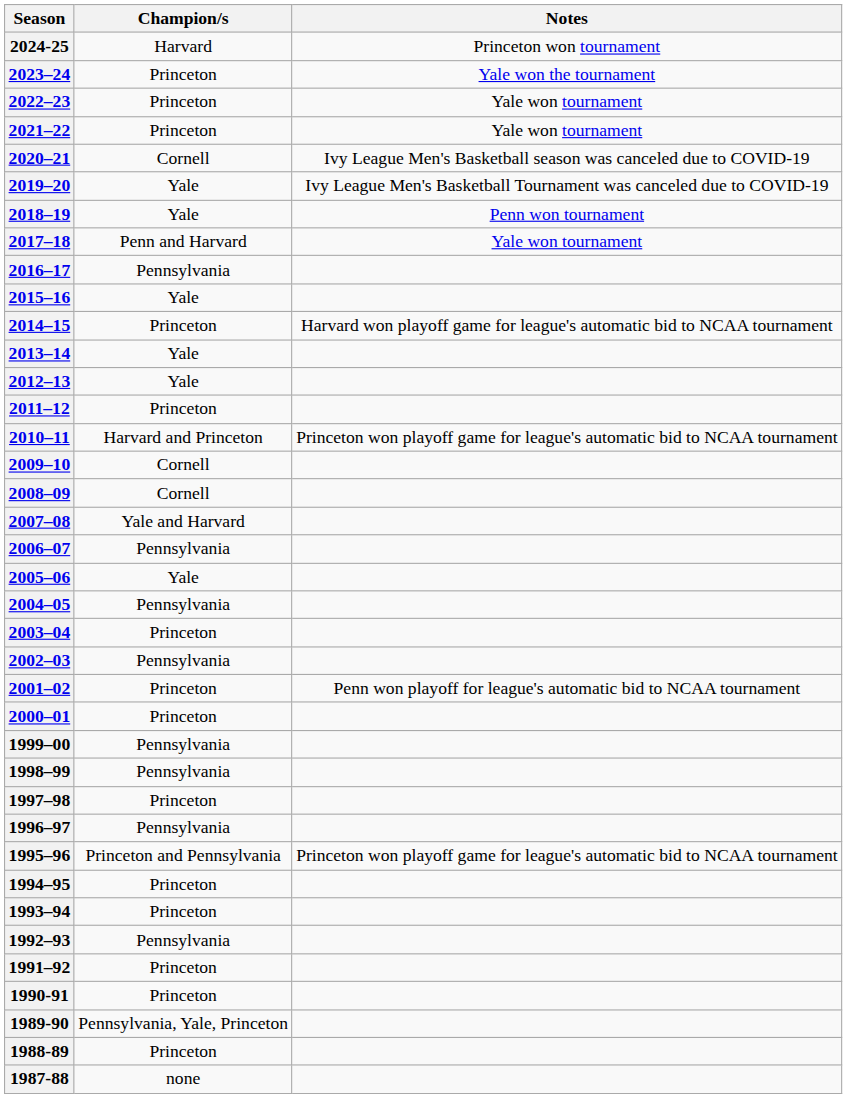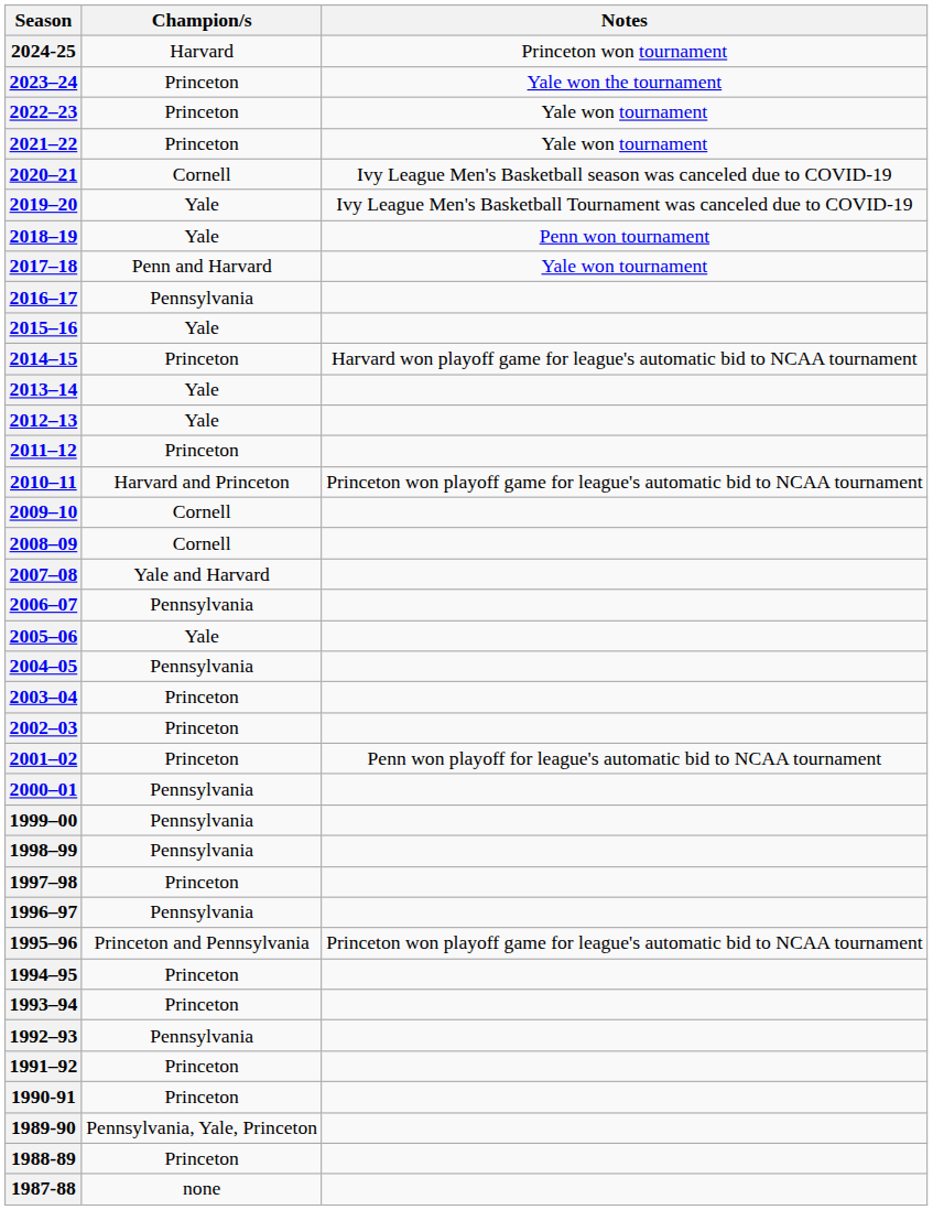 <table class="wikitable" style="text-align: center;">
 <tr>
 <th width=px>Season</th>
 <th width=px>Champion/s</th>
 <th width=px>Notes</th>
 </tr>
 <tr>
 <th>2024-25</th>
 <td>Harvard</td>
 <td>Princeton won <a href='#'>tournament</a></td>
 </tr>
 <tr>
 <th><a href='#'>2023–24</a></th>
 <td>Princeton</td>
 <td><a href='#'>Yale won the tournament</a></td>
 </tr>
 <tr>
 <th><a href='#'>2022–23</a></th>
 <td>Princeton</td>
 <td>Yale won <a href='#'>tournament</a></td>
 </tr>
 <tr>
 <th><a href='#'>2021–22</a></th>
 <td>Princeton</td>
 <td>Yale won <a href='#'>tournament</a></td>
 </tr>
 <tr>
 <th><a href='#'>2020–21</a></th>
 <td>Cornell</td>
 <td>Ivy League Men's Basketball season was canceled due to COVID-19</td>
 </tr>
 <tr>
 <th><a href='#'>2019–20</a></th>
 <td>Yale</td>
 <td>Ivy League Men's Basketball Tournament was canceled due to COVID-19</td>
 </tr>
 <tr>
 <th><a href='#'>2018–19</a></th>
 <td>Yale</td>
 <td><a href='#'>Penn won tournament</a></td>
 </tr>
 <tr>
 <th><a href='#'>2017–18</a></th>
 <td>Penn and Harvard</td>
 <td><a href='#'>Yale won tournament</a></td>
 </tr>
 <tr>
 <th><a href='#'>2016–17</a></th>
 <td>Pennsylvania</td>
 <td></td>
 </tr>
 <tr>
 <th><a href='#'>2015–16</a></th>
 <td>Yale</td>
 <td></td>
 </tr>
 <tr>
 <th><a href='#'>2014–15</a></th>
 <td>Princeton</td>
 <td>Harvard won playoff game for league's automatic bid to NCAA tournament</td>
 </tr>
 <tr>
 <th><a href='#'>2013–14</a></th>
 <td>Yale</td>
 <td></td>
 </tr>
 <tr>
 <th><a href='#'>2012–13</a></th>
 <td>Yale</td>
 <td></td>
 </tr>
 <tr>
 <th><a href='#'>2011–12</a></th>
 <td>Princeton</td>
 <td></td>
 </tr>
 <tr>
 <th><a href='#'>2010–11</a></th>
 <td>Harvard and Princeton</td>
 <td>Princeton won playoff game for league's automatic bid to NCAA tournament</td>
 </tr>
 <tr>
 <th><a href='#'>2009–10</a></th>
 <td>Cornell</td>
 <td></td>
 </tr>
 <tr>
 <th><a href='#'>2008–09</a></th>
 <td>Cornell</td>
 <td></td>
 </tr>
 <tr>
 <th><a href='#'>2007–08</a></th>
 <td>Yale and Harvard</td>
 <td></td>
 </tr>
 <tr>
 <th><a href='#'>2006–07</a></th>
 <td>Pennsylvania</td>
 <td></td>
 </tr>
 <tr>
 <th><a href='#'>2005–06</a></th>
 <td>Yale</td>
 <td></td>
 </tr>
 <tr>
 <th><a href='#'>2004–05</a></th>
 <td>Pennsylvania</td>
 <td></td>
 </tr>
 <tr>
 <th><a href='#'>2003–04</a></th>
 <td>Princeton</td>
 <td></td>
 </tr>
 <tr>
 <th><a href='#'>2002–03</a></th>
-<td>Pennsylvania</td>
+<td>Princeton</td>
 <td></td>
 </tr>
 <tr>
 <th><a href='#'>2001–02</a></th>
 <td>Princeton</td>
 <td>Penn won playoff for league's automatic bid to NCAA tournament</td>
 </tr>
 <tr>
 <th><a href='#'>2000–01</a></th>
-<td>Princeton</td>
+<td>Pennsylvania</td>
 <td></td>
 </tr>
 <tr>
 <th>1999–00</th>
 <td>Pennsylvania</td>
 <td></td>
 </tr>
 <tr>
 <th>1998–99</th>
 <td>Pennsylvania</td>
 <td></td>
 </tr>
 <tr>
 <th>1997–98</th>
 <td>Princeton</td>
 <td></td>
 </tr>
 <tr>
 <th>1996–97</th>
 <td>Pennsylvania</td>
 <td></td>
 </tr>
 <tr>
 <th>1995–96</th>
 <td>Princeton and Pennsylvania</td>
 <td>Princeton won playoff game for league's automatic bid to NCAA tournament</td>
 </tr>
 <tr>
 <th>1994–95</th>
 <td>Princeton</td>
 <td></td>
 </tr>
 <tr>
 <th>1993–94</th>
 <td>Princeton</td>
 <td></td>
 </tr>
 <tr>
 <th>1992–93</th>
 <td>Pennsylvania</td>
 <td></td>
 </tr>
 <tr>
 <th>1991–92</th>
 <td>Princeton</td>
 <td></td>
 </tr>
 <tr>
 <th>1990-91</th>
 <td>Princeton</td>
 <td></td>
 </tr>
 <tr>
 <th>1989-90</th>
 <td>Pennsylvania, Yale, Princeton</td>
 <td></td>
 </tr>
 <tr>
 <th>1988-89</th>
 <td>Princeton</td>
 <td></td>
 </tr>
 <tr>
 <th>1987-88</th>
 <td>none</td>
 <td></td>
 </tr>
 </table>
